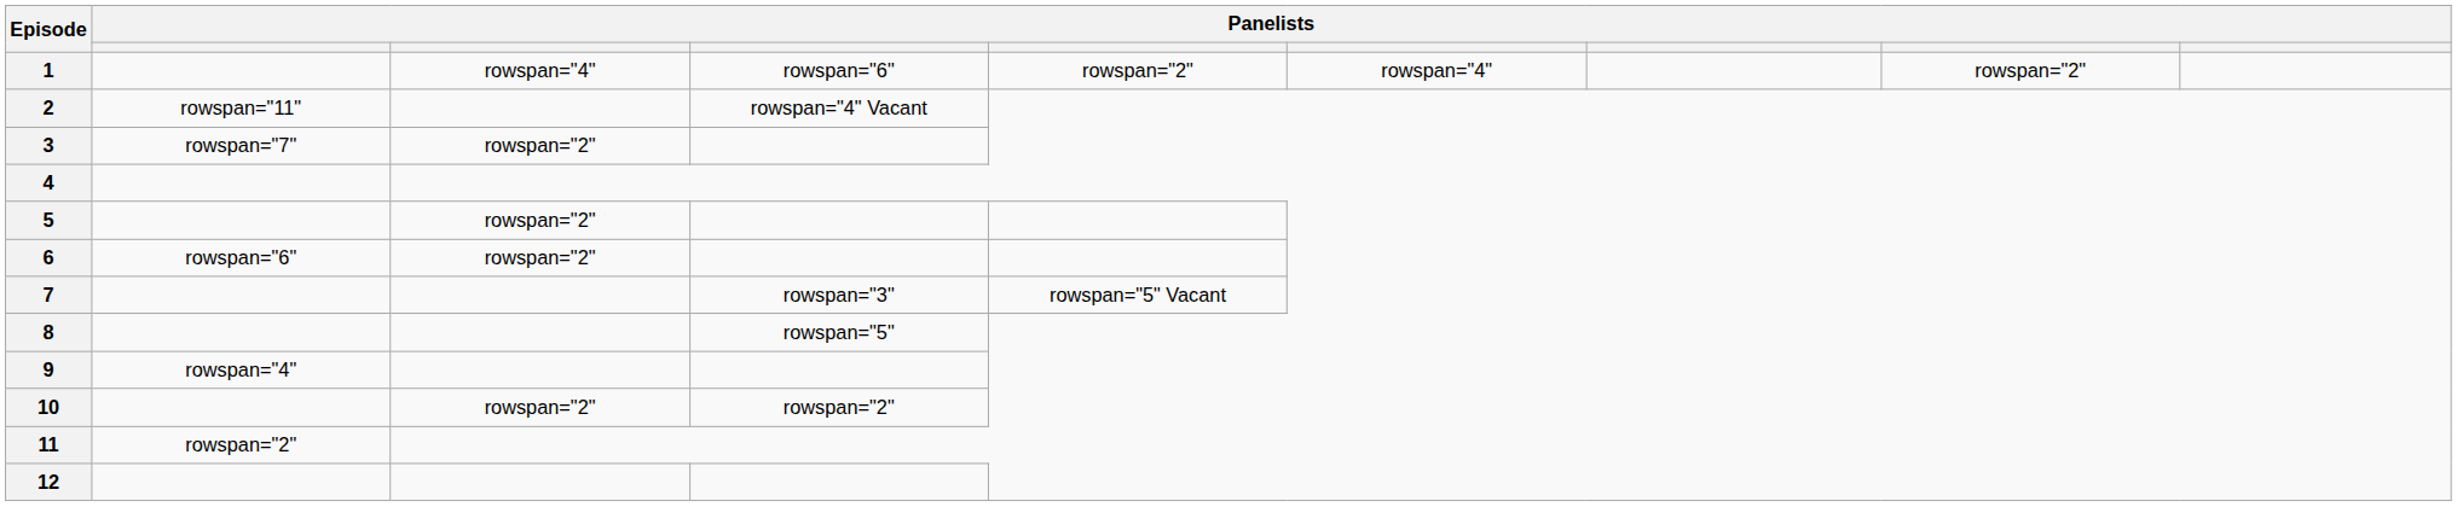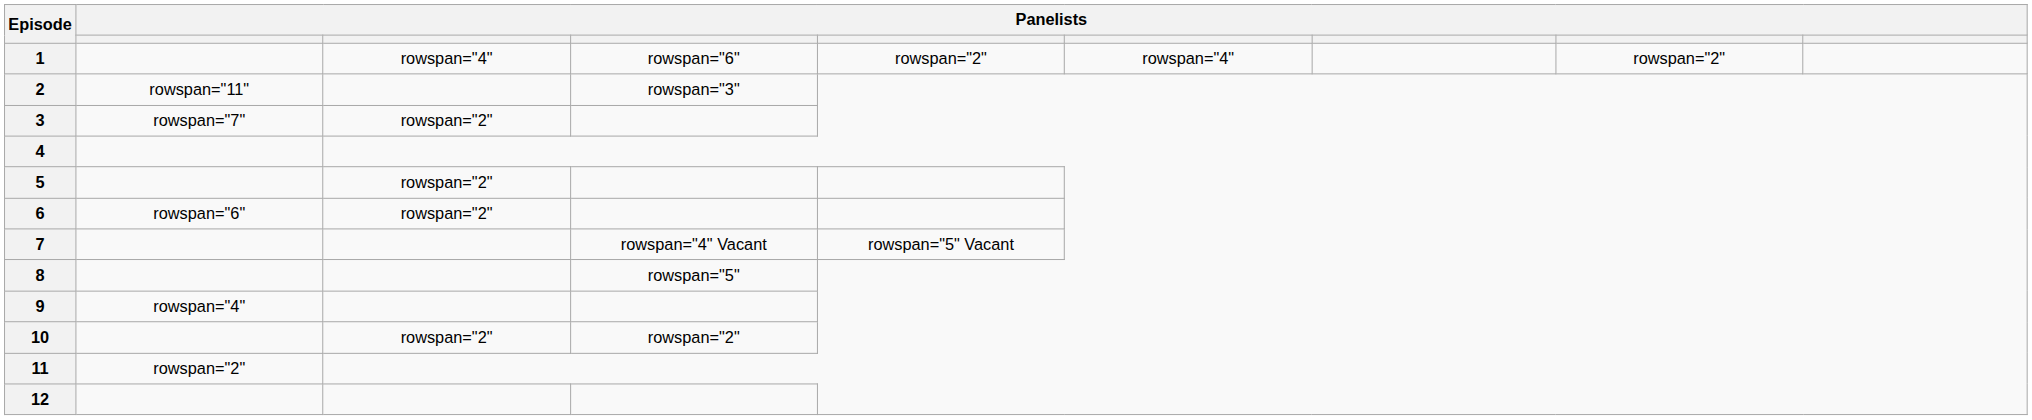 <table class="wikitable plainrowheaders mw-collapsible" style="text-align:center; line-height:23px; width:100%;">
 <tr>
 <th rowspan=2 width=1%>Episode</th>
 <th colspan=8>Panelists</th>
 </tr>
 <tr>
 <th width="12.5%"></th>
 <th width="12.5%"></th>
 <th width="12.5%"></th>
 <th width="12.5%"></th>
 <th width="12.5%"></th>
 <th width="12.5%"></th>
 <th width="12.5%"></th>
 <th width="12.5%"></th>
 </tr>
 <tr>
 <th>1</th>
 <td></td>
 <td>rowspan="4" </td>
 <td>rowspan="6" </td>
 <td>rowspan="2" </td>
 <td>rowspan="4" </td>
 <td></td>
 <td>rowspan="2" </td>
 <td></td>
 </tr>
 <tr>
 <th>2</th>
 <td>rowspan="11" </td>
 <td></td>
-<td>rowspan="4"  Vacant</td>
+<td>rowspan="3" </td>
 </tr>
 <tr>
 <th>3</th>
 <td>rowspan="7" </td>
 <td>rowspan="2" </td>
 <td></td>
 </tr>
 <tr>
 <th>4</th>
 <td></td>
 </tr>
 <tr>
 <th>5</th>
 <td></td>
 <td>rowspan="2" </td>
 <td></td>
 <td></td>
 </tr>
 <tr>
 <th>6</th>
 <td>rowspan="6" </td>
 <td>rowspan="2" </td>
 <td></td>
 <td></td>
 </tr>
 <tr>
 <th>7</th>
 <td></td>
 <td></td>
-<td>rowspan="3" </td>
+<td>rowspan="4"  Vacant</td>
 <td>rowspan="5"  Vacant</td>
 </tr>
 <tr>
 <th>8</th>
 <td></td>
 <td></td>
 <td>rowspan="5" </td>
 </tr>
 <tr>
 <th>9</th>
 <td>rowspan="4" </td>
 <td></td>
 <td></td>
 </tr>
 <tr>
 <th>10</th>
 <td></td>
 <td>rowspan="2" </td>
 <td>rowspan="2" </td>
 </tr>
 <tr>
 <th>11</th>
 <td>rowspan="2" </td>
 </tr>
 <tr>
 <th>12</th>
 <td></td>
 <td></td>
 <td></td>
 </tr>
 </table>
